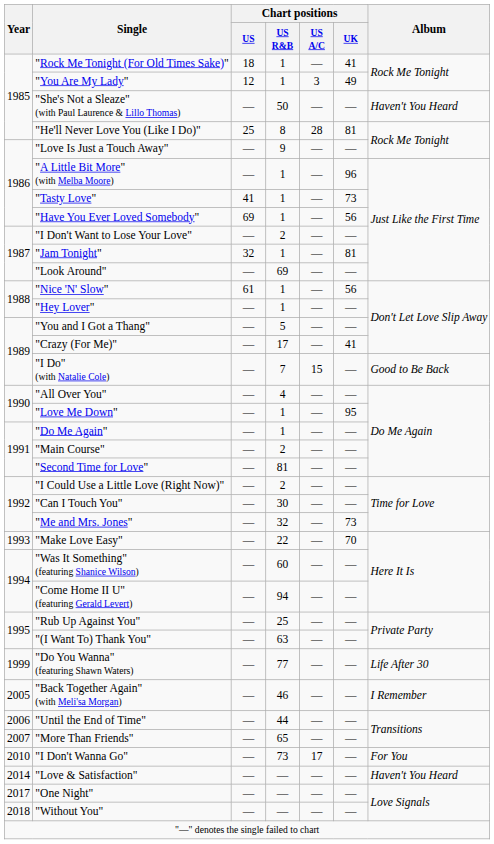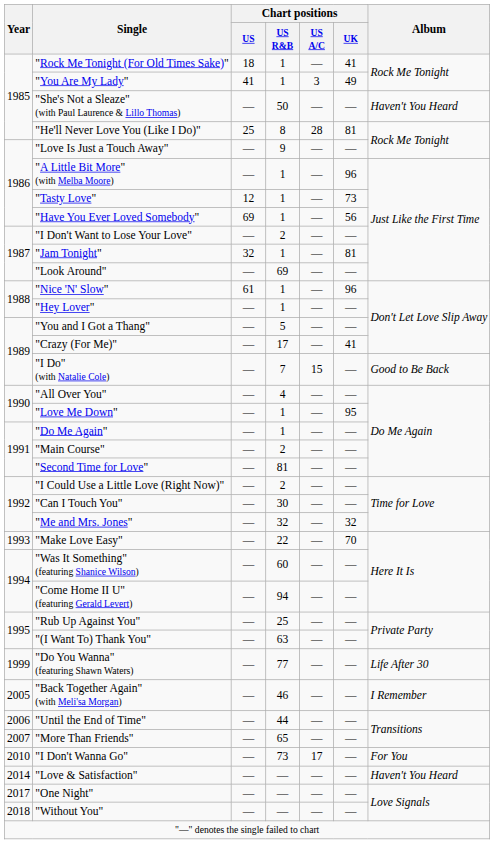 <table class="wikitable" style="text-align:center;">
 <tr>
 <th rowspan="2">Year</th>
 <th rowspan="2">Single</th>
 <th colspan="4">Chart positions</th>
 <th rowspan="2">Album</th>
 </tr>
 <tr>
 <th style="width:40px;"><small><a href='#'>US</a></small><br></th>
 <th style="width:40px;"><small><a href='#'>US<br>R&B</a></small><br></th>
 <th style="width:40px;"><small><a href='#'>US<br>A/C</a></small><br></th>
 <th style="width:40px;"><small><a href='#'>UK</a></small><br></th>
 </tr>
 <tr>
 <td rowspan="4">1985</td>
 <td style="text-align:left;">"<a href='#'>Rock Me Tonight (For Old Times Sake)</a>"</td>
 <td>18</td>
 <td>1</td>
 <td>—</td>
 <td>41</td>
 <td style="text-align:left;" rowspan="2"><em>Rock Me Tonight</em></td>
 </tr>
 <tr>
 <td style="text-align:left;">"<a href='#'>You Are My Lady</a>"</td>
-<td>12</td>
+<td>41</td>
 <td>1</td>
 <td>3</td>
 <td>49</td>
 </tr>
 <tr>
 <td style="text-align:left;">"She's Not a Sleaze" <br><small>(with Paul Laurence & <a href='#'>Lillo Thomas</a>)</small></td>
 <td>—</td>
 <td>50</td>
 <td>—</td>
 <td>—</td>
 <td style="text-align:left;"><em>Haven't You Heard</em></td>
 </tr>
 <tr>
 <td style="text-align:left;">"He'll Never Love You (Like I Do)"</td>
 <td>25</td>
 <td>8</td>
 <td>28</td>
 <td>81</td>
 <td style="text-align:left;" rowspan="2"><em>Rock Me Tonight</em></td>
 </tr>
 <tr>
 <td rowspan="4">1986</td>
 <td style="text-align:left;">"Love Is Just a Touch Away"</td>
 <td>—</td>
 <td>9</td>
 <td>—</td>
 <td>—</td>
 </tr>
 <tr>
 <td style="text-align:left;">"<a href='#'>A Little Bit More</a>" <br><small>(with <a href='#'>Melba Moore</a>)</small></td>
 <td>—</td>
 <td>1</td>
 <td>—</td>
 <td>96</td>
 <td style="text-align:left;" rowspan="6"><em>Just Like the First Time</em></td>
 </tr>
 <tr>
 <td style="text-align:left;">"<a href='#'>Tasty Love</a>"</td>
-<td>41</td>
+<td>12</td>
 <td>1</td>
 <td>—</td>
 <td>73</td>
 </tr>
 <tr>
 <td style="text-align:left;">"<a href='#'>Have You Ever Loved Somebody</a>"</td>
 <td>69</td>
 <td>1</td>
 <td>—</td>
 <td>56</td>
 </tr>
 <tr>
 <td rowspan="3">1987</td>
 <td style="text-align:left;">"I Don't Want to Lose Your Love"</td>
 <td>—</td>
 <td>2</td>
 <td>—</td>
 <td>—</td>
 </tr>
 <tr>
 <td style="text-align:left;">"<a href='#'>Jam Tonight</a>"</td>
 <td>32</td>
 <td>1</td>
 <td>—</td>
 <td>81</td>
 </tr>
 <tr>
 <td style="text-align:left;">"Look Around"</td>
 <td>—</td>
 <td>69</td>
 <td>—</td>
 <td>—</td>
 </tr>
 <tr>
 <td rowspan="2">1988</td>
 <td style="text-align:left;">"<a href='#'>Nice 'N' Slow</a>"</td>
 <td>61</td>
 <td>1</td>
 <td>—</td>
-<td>56</td>
+<td>96</td>
 <td style="text-align:left;" rowspan="4"><em>Don't Let Love Slip Away</em></td>
 </tr>
 <tr>
 <td style="text-align:left;">"<a href='#'>Hey Lover</a>"</td>
 <td>—</td>
 <td>1</td>
 <td>—</td>
 <td>—</td>
 </tr>
 <tr>
 <td rowspan="3">1989</td>
 <td style="text-align:left;">"You and I Got a Thang"</td>
 <td>—</td>
 <td>5</td>
 <td>—</td>
 <td>—</td>
 </tr>
 <tr>
 <td style="text-align:left;">"Crazy (For Me)"</td>
 <td>—</td>
 <td>17</td>
 <td>—</td>
 <td>41</td>
 </tr>
 <tr>
 <td style="text-align:left;">"I Do" <br><small>(with <a href='#'>Natalie Cole</a>)</small></td>
 <td>—</td>
 <td>7</td>
 <td>15</td>
 <td>—</td>
 <td style="text-align:left;"><em>Good to Be Back</em></td>
 </tr>
 <tr>
 <td rowspan="2">1990</td>
 <td style="text-align:left;">"All Over You"</td>
 <td>—</td>
 <td>4</td>
 <td>—</td>
 <td>—</td>
 <td style="text-align:left;" rowspan="5"><em>Do Me Again</em></td>
 </tr>
 <tr>
 <td style="text-align:left;">"<a href='#'>Love Me Down</a>"</td>
 <td>—</td>
 <td>1</td>
 <td>—</td>
 <td>95</td>
 </tr>
 <tr>
 <td rowspan="3">1991</td>
 <td style="text-align:left;">"<a href='#'>Do Me Again</a>"</td>
 <td>—</td>
 <td>1</td>
 <td>—</td>
 <td>—</td>
 </tr>
 <tr>
 <td style="text-align:left;">"Main Course"</td>
 <td>—</td>
 <td>2</td>
 <td>—</td>
 <td>—</td>
 </tr>
 <tr>
 <td style="text-align:left;">"<a href='#'>Second Time for Love</a>"</td>
 <td>—</td>
 <td>81</td>
 <td>—</td>
 <td>—</td>
 </tr>
 <tr>
 <td rowspan="3">1992</td>
 <td style="text-align:left;">"I Could Use a Little Love (Right Now)"</td>
 <td>—</td>
 <td>2</td>
 <td>—</td>
 <td>—</td>
 <td style="text-align:left;" rowspan="3"><em>Time for Love</em></td>
 </tr>
 <tr>
 <td style="text-align:left;">"Can I Touch You"</td>
 <td>—</td>
 <td>30</td>
 <td>—</td>
 <td>—</td>
 </tr>
 <tr>
 <td style="text-align:left;">"<a href='#'>Me and Mrs. Jones</a>"</td>
 <td>—</td>
 <td>32</td>
 <td>—</td>
-<td>73</td>
+<td>32</td>
 </tr>
 <tr>
 <td>1993</td>
 <td style="text-align:left;">"Make Love Easy"</td>
 <td>—</td>
 <td>22</td>
 <td>—</td>
 <td>70</td>
 <td style="text-align:left;" rowspan="3"><em>Here It Is</em></td>
 </tr>
 <tr>
 <td rowspan="2">1994</td>
 <td style="text-align:left;">"Was It Something" <br><small>(featuring <a href='#'>Shanice Wilson</a>)</small></td>
 <td>—</td>
 <td>60</td>
 <td>—</td>
 <td>—</td>
 </tr>
 <tr>
 <td style="text-align:left;">"Come Home II U" <br><small>(featuring <a href='#'>Gerald Levert</a>)</small></td>
 <td>—</td>
 <td>94</td>
 <td>—</td>
 <td>—</td>
 </tr>
 <tr>
 <td rowspan="2">1995</td>
 <td style="text-align:left;">"Rub Up Against You"</td>
 <td>—</td>
 <td>25</td>
 <td>—</td>
 <td>—</td>
 <td style="text-align:left;" rowspan="2"><em>Private Party</em></td>
 </tr>
 <tr>
 <td style="text-align:left;">"(I Want To) Thank You"</td>
 <td>—</td>
 <td>63</td>
 <td>—</td>
 <td>—</td>
 </tr>
 <tr>
 <td>1999</td>
 <td style="text-align:left;">"Do You Wanna" <br><small>(featuring Shawn Waters)</small></td>
 <td>—</td>
 <td>77</td>
 <td>—</td>
 <td>—</td>
 <td style="text-align:left;"><em>Life After 30</em></td>
 </tr>
 <tr>
 <td>2005</td>
 <td style="text-align:left;">"Back Together Again"<br><small>(with <a href='#'>Meli'sa Morgan</a>)</small></td>
 <td>—</td>
 <td>46</td>
 <td>—</td>
 <td>—</td>
 <td style="text-align:left;"><em>I Remember</em></td>
 </tr>
 <tr>
 <td>2006</td>
 <td style="text-align:left;">"Until the End of Time"</td>
 <td>—</td>
 <td>44</td>
 <td>—</td>
 <td>—</td>
 <td style="text-align:left;" rowspan="2"><em>Transitions</em></td>
 </tr>
 <tr>
 <td>2007</td>
 <td style="text-align:left;">"More Than Friends"</td>
 <td>—</td>
 <td>65</td>
 <td>—</td>
 <td>—</td>
 </tr>
 <tr>
 <td>2010</td>
 <td style="text-align:left;">"I Don't Wanna Go"</td>
 <td>—</td>
 <td>73</td>
 <td>17</td>
 <td>—</td>
 <td style="text-align:left;"><em>For You</em></td>
 </tr>
 <tr>
 <td>2014</td>
 <td style="text-align:left;">"Love & Satisfaction"</td>
 <td>—</td>
 <td>—</td>
 <td>—</td>
 <td>—</td>
 <td style="text-align:left;"><em>Haven't You Heard</em></td>
 </tr>
 <tr>
 <td>2017</td>
 <td style="text-align:left;">"One Night"</td>
 <td>—</td>
 <td>—</td>
 <td>—</td>
 <td>—</td>
 <td style="text-align:left;" rowspan="2"><em>Love Signals</em></td>
 </tr>
 <tr>
 <td>2018</td>
 <td style="text-align:left;">"Without You"</td>
 <td>—</td>
 <td>—</td>
 <td>—</td>
 <td>—</td>
 </tr>
 <tr>
 <td style="text-align:center;" colspan="8"><small>"—" denotes the single failed to chart</small></td>
 </tr>
 </table>
